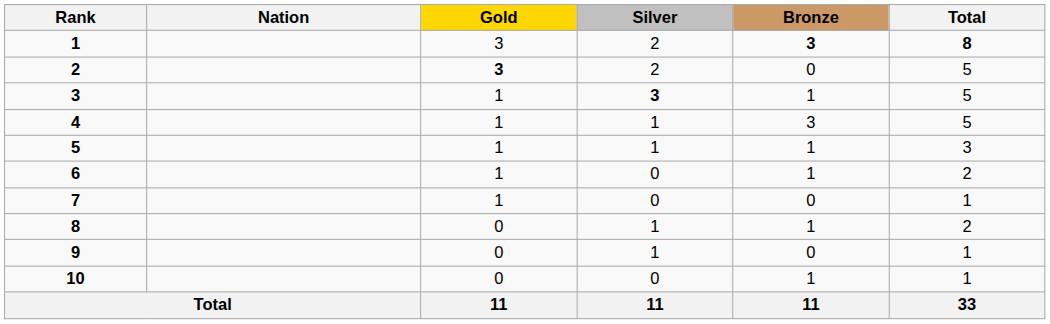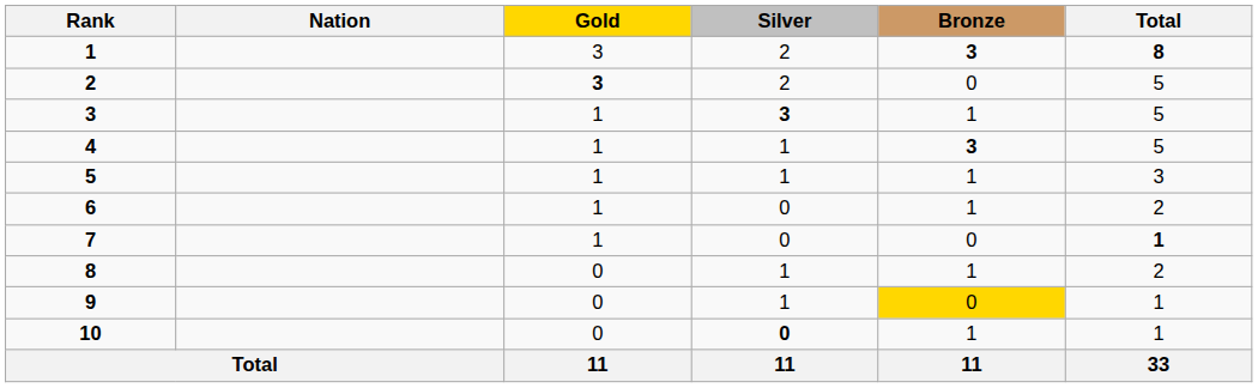 <table class="wikitable collapsible autocollapse plainrowheaders" width=80% style="text-align:center;">
 <tr style="background-color:#EDEDED;">
 <th width=100px class="hintergrundfarbe5">Rank</th>
 <th width=200px class="hintergrundfarbe6">Nation</th>
 <th style="background:    gold; width:15%">Gold</th>
 <th style="background:  silver; width:15%">Silver</th>
 <th style="background: #CC9966; width:15%">Bronze</th>
 <th class="hintergrundfarbe6" style="width:15%">Total</th>
 </tr>
 <tr>
 <td><strong>1</strong></td>
 <td align=left></td>
 <td>3</td>
 <td>2</td>
 <td><strong>3</strong></td>
 <td><strong>8</strong></td>
 </tr>
 <tr>
 <td><strong>2</strong></td>
 <td align=left></td>
 <td><strong>3</strong></td>
 <td>2</td>
 <td>0</td>
 <td>5</td>
 </tr>
 <tr>
 <td><strong>3</strong></td>
 <td align=left><em></em></td>
 <td>1</td>
 <td><strong>3</strong></td>
 <td>1</td>
 <td>5</td>
 </tr>
 <tr>
 <td><strong>4</strong></td>
 <td align=left></td>
 <td>1</td>
 <td>1</td>
-<td>3</td>
+<td><strong>3</strong></td>
 <td>5</td>
 </tr>
 <tr>
 <td><strong>5</strong></td>
 <td align=left></td>
 <td>1</td>
 <td>1</td>
 <td>1</td>
 <td>3</td>
 </tr>
 <tr>
 <td><strong>6</strong></td>
 <td align=left></td>
 <td>1</td>
 <td>0</td>
 <td>1</td>
 <td>2</td>
 </tr>
 <tr>
 <td><strong>7</strong></td>
 <td align=left></td>
 <td>1</td>
 <td>0</td>
 <td>0</td>
-<td>1</td>
+<td><strong>1</strong></td>
 </tr>
 <tr>
 <td><strong>8</strong></td>
 <td align=left><em></em></td>
 <td>0</td>
 <td>1</td>
 <td>1</td>
 <td>2</td>
 </tr>
 <tr>
 <td><strong>9</strong></td>
 <td align=left></td>
 <td>0</td>
 <td>1</td>
-<td>0</td>
+<td style="background: gold;">0</td>
 <td>1</td>
 </tr>
 <tr>
 <td><strong>10</strong></td>
 <td align=left></td>
 <td>0</td>
-<td>0</td>
+<td><strong>0</strong></td>
 <td>1</td>
 <td>1</td>
 </tr>
 <tr>
 <th colspan=2>Total</th>
 <th>11</th>
 <th>11</th>
 <th>11</th>
 <th>33</th>
 </tr>
 </table>
